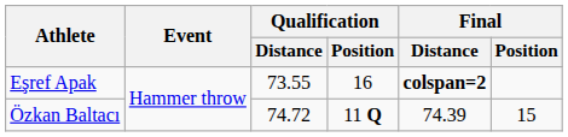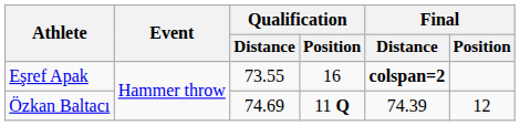 <table class=wikitable style="font-size:90%">
 <tr>
 <th rowspan="2">Athlete</th>
 <th rowspan="2">Event</th>
 <th colspan="2">Qualification</th>
 <th colspan="2">Final</th>
 </tr>
 <tr style="font-size:95%">
 <th>Distance</th>
 <th>Position</th>
 <th>Distance</th>
 <th>Position</th>
 </tr>
 <tr style=text-align:center>
 <td style=text-align:left><a href='#'>Eşref Apak</a></td>
 <td style=text-align:left  rowspan=2><a href='#'>Hammer throw</a></td>
 <td>73.55</td>
 <td>16</td>
 <td><strong>colspan=2 </strong></td>
 </tr>
 <tr style=text-align:center>
 <td style=text-align:left><a href='#'>Özkan Baltacı</a></td>
-<td>74.72</td>
+<td>74.69</td>
 <td>11 <strong>Q</strong></td>
 <td>74.39</td>
-<td>15</td>
+<td>12</td>
 </tr>
 </table>
